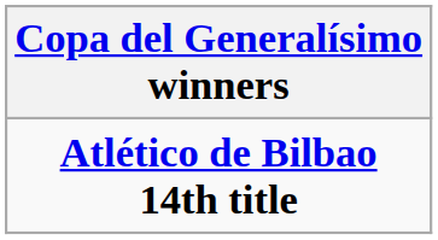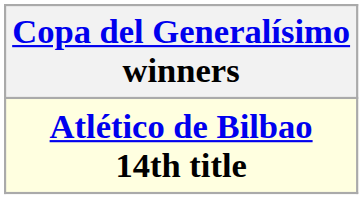 <table class="wikitable" style="text-align: center; margin: 0 auto;">
 <tr>
 <th><a href='#'>Copa del Generalísimo</a><br>winners</th>
 </tr>
 <tr>
-<td><strong><a href='#'>Atlético de Bilbao</a></strong><br><strong>14th title</strong></td>
+<td style="background: lightyellow;"><strong><a href='#'>Atlético de Bilbao</a></strong><br><strong>14th title</strong></td>
 </tr>
 </table>
